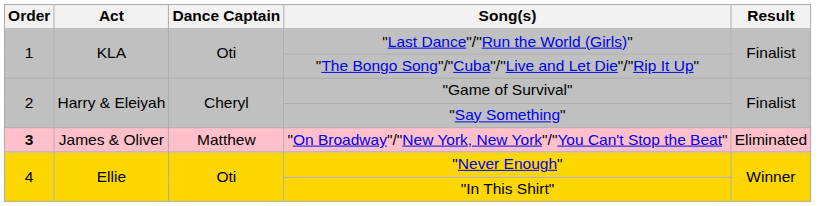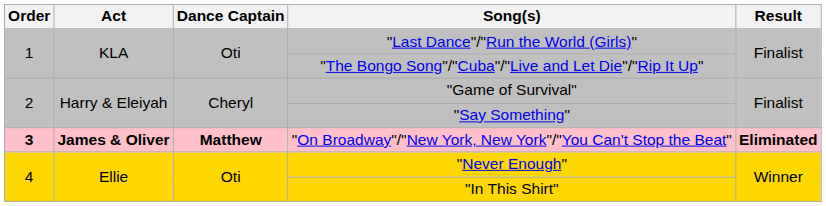 <table class="wikitable sortable collapsed" style="text-align:center; background:#cc">
 <tr>
 <th>Order</th>
 <th>Act</th>
 <th>Dance Captain</th>
 <th>Song(s)</th>
 <th>Result</th>
 </tr>
 <tr style="background:silver;">
 <td rowspan=2>1</td>
 <td rowspan=2>KLA</td>
 <td rowspan=2>Oti</td>
 <td>"<a href='#'>Last Dance</a>"/"<a href='#'>Run the World (Girls)</a>"</td>
 <td rowspan=2>Finalist</td>
 </tr>
 <tr style="background:silver;">
 <td>"<a href='#'>The Bongo Song</a>"/"<a href='#'>Cuba</a>"/"<a href='#'>Live and Let Die</a>"/"<a href='#'>Rip It Up</a>"</td>
 </tr>
 <tr style="background:silver;">
 <td rowspan=2>2</td>
 <td rowspan=2>Harry & Eleiyah</td>
 <td rowspan=2>Cheryl</td>
 <td>"Game of Survival"</td>
 <td rowspan=2>Finalist</td>
 </tr>
 <tr style="background:silver;">
 <td>"<a href='#'>Say Something</a>"</td>
 </tr>
 <tr style="background:pink;">
 <td><strong>3</strong></td>
-<td>James & Oliver</td>
-<td>Matthew</td>
+<td><strong>James & Oliver</strong></td>
+<td><strong>Matthew</strong></td>
 <td>"<a href='#'>On Broadway</a>"/"<a href='#'>New York, New York</a>"/"<a href='#'>You Can't Stop the Beat</a>"</td>
-<td>Eliminated</td>
+<td><strong>Eliminated</strong></td>
 </tr>
 <tr style="background:gold;">
 <td rowspan=2>4</td>
 <td rowspan=2>Ellie</td>
 <td rowspan=2>Oti</td>
 <td>"<a href='#'>Never Enough</a>"</td>
 <td rowspan=2>Winner</td>
 </tr>
 <tr style="background:gold;">
 <td>"In This Shirt"</td>
 </tr>
 </table>
